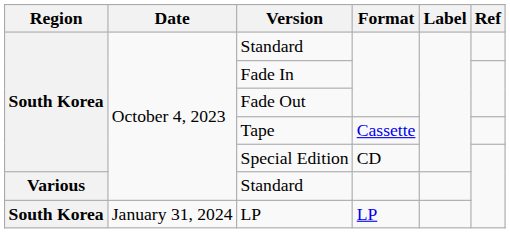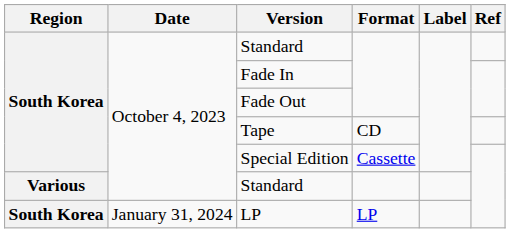 <table class="wikitable plainrowheaders">
 <tr>
 <th scope="col">Region</th>
 <th scope="col">Date</th>
 <th scope="col">Version</th>
 <th scope="col">Format</th>
 <th scope="col">Label</th>
 <th scope="col">Ref</th>
 </tr>
 <tr>
 <th scope="row" rowspan="5">South Korea</th>
 <td rowspan="6">October 4, 2023</td>
 <td>Standard</td>
 <td rowspan="3"></td>
 <td rowspan="5"></td>
 </tr>
 <tr>
 <td>Fade In</td>
 <td rowspan="2"></td>
 </tr>
 <tr>
 <td>Fade Out</td>
 </tr>
 <tr>
 <td>Tape</td>
-<td><a href='#'>Cassette</a></td>
+<td>CD</td>
 <td></td>
 </tr>
 <tr>
 <td>Special Edition</td>
-<td>CD</td>
+<td><a href='#'>Cassette</a></td>
 </tr>
 <tr>
 <th scope="row">Various </th>
 <td>Standard</td>
 <td></td>
 <td></td>
 </tr>
 <tr>
 <th scope="row">South Korea</th>
 <td>January 31, 2024</td>
 <td>LP</td>
 <td><a href='#'>LP</a></td>
 <td></td>
 </tr>
 </table>
